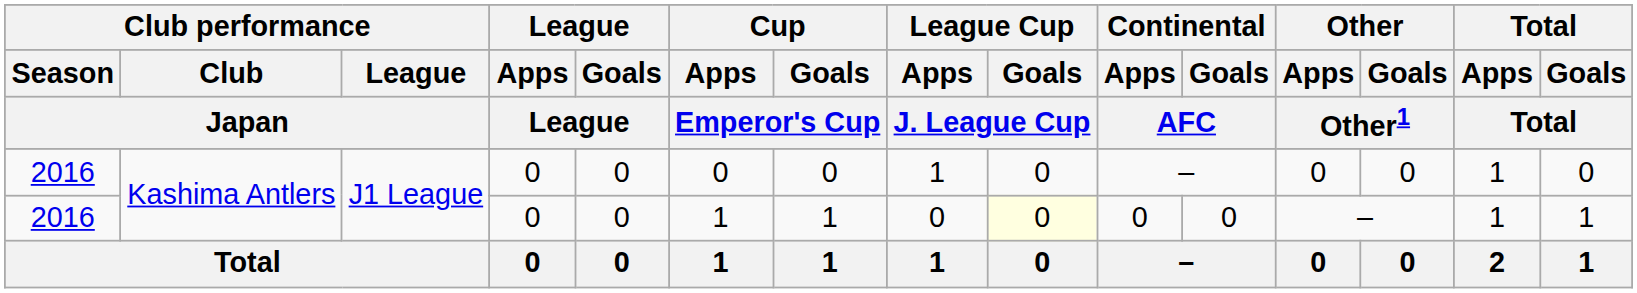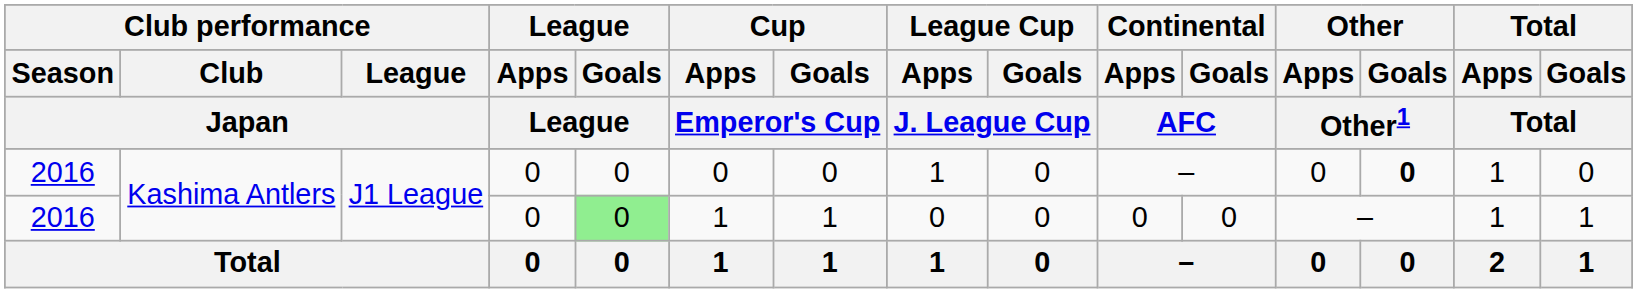 <table class="wikitable" style="text-align:center;">
 <tr>
 <th colspan=3>Club performance</th>
 <th colspan=2>League</th>
 <th colspan=2>Cup</th>
 <th colspan=2>League Cup</th>
 <th colspan=2>Continental</th>
 <th colspan=2>Other</th>
 <th colspan=2>Total</th>
 </tr>
 <tr>
 <th>Season</th>
 <th>Club</th>
 <th>League</th>
 <th>Apps</th>
 <th>Goals</th>
 <th>Apps</th>
 <th>Goals</th>
 <th>Apps</th>
 <th>Goals</th>
 <th>Apps</th>
 <th>Goals</th>
 <th>Apps</th>
 <th>Goals</th>
 <th>Apps</th>
 <th>Goals</th>
 </tr>
 <tr>
 <th colspan=3>Japan</th>
 <th colspan=2>League</th>
 <th colspan=2><a href='#'>Emperor's Cup</a></th>
 <th colspan=2><a href='#'>J. League Cup</a></th>
 <th colspan=2><a href='#'>AFC</a></th>
 <th colspan=2>Other<sup><a href='#'>1</a></sup></th>
 <th colspan=2>Total</th>
 </tr>
 <tr>
 <td><a href='#'>2016</a></td>
 <td rowspan="2"><a href='#'>Kashima Antlers</a></td>
 <td rowspan="2"><a href='#'>J1 League</a></td>
 <td>0</td>
 <td>0</td>
 <td>0</td>
 <td>0</td>
 <td>1</td>
 <td>0</td>
 <td colspan="2">–</td>
 <td>0</td>
-<td>0</td>
+<td><strong>0</strong></td>
 <td>1</td>
 <td>0</td>
 </tr>
 <tr>
 <td><a href='#'>2016</a></td>
 <td>0</td>
-<td>0</td>
+<td style="background: lightgreen;">0</td>
 <td>1</td>
 <td>1</td>
 <td>0</td>
-<td style="background: lightyellow;">0</td>
+<td>0</td>
 <td>0</td>
 <td>0</td>
 <td colspan="2">–</td>
 <td>1</td>
 <td>1</td>
 </tr>
 <tr>
 <th colspan=3>Total</th>
 <th>0</th>
 <th>0</th>
 <th>1</th>
 <th>1</th>
 <th>1</th>
 <th>0</th>
 <th colspan="2">–</th>
 <th>0</th>
 <th>0</th>
 <th>2</th>
 <th>1</th>
 </tr>
 </table>
